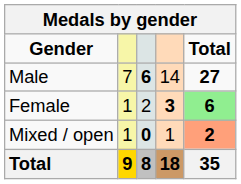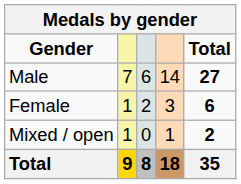 <table class="wikitable" style="text-align:center;font-size:90%">
 <tr style="background:#efefef;">
 <th colspan=7><strong>Medals by gender</strong></th>
 </tr>
 <tr>
 <td><strong>Gender</strong></td>
 <td bgcolor=#f7f6a8></td>
 <td bgcolor=#dce5e5></td>
 <td bgcolor=#ffdab9></td>
 <td><strong>Total</strong></td>
 </tr>
 <tr>
 <td style="text-align:left;">Male</td>
 <td style="background:#F7F6A8;">7</td>
-<td style="background:#DCE5E5;"><strong>6</strong></td>
+<td style="background:#DCE5E5;">6</td>
 <td style="background:#FFDAB9;">14</td>
 <td><strong>27</strong></td>
 </tr>
 <tr>
 <td style="text-align:left;">Female</td>
 <td style="background:#F7F6A8;">1</td>
 <td style="background:#DCE5E5;">2</td>
-<td style="background:#FFDAB9;"><strong>3</strong></td>
-<td style="background: lightgreen;"><strong>6</strong></td>
+<td style="background:#FFDAB9;">3</td>
+<td><strong>6</strong></td>
 </tr>
 <tr>
 <td style="text-align:left;">Mixed / open</td>
 <td style="background:#F7F6A8;">1</td>
-<td style="background:#DCE5E5;"><strong>0</strong></td>
+<td style="background:#DCE5E5;">0</td>
 <td style="background:#FFDAB9;">1</td>
-<td style="background: lightsalmon;"><strong>2</strong></td>
+<td><strong>2</strong></td>
 </tr>
 <tr>
 <th style="text-align:left;"><strong>Total</strong></th>
 <th style="background:gold;"><strong>9</strong></th>
 <th style="background:silver;"><strong>8</strong></th>
 <th style="background:#c96;"><strong>18</strong></th>
 <th><strong>35</strong></th>
 </tr>
 </table>
